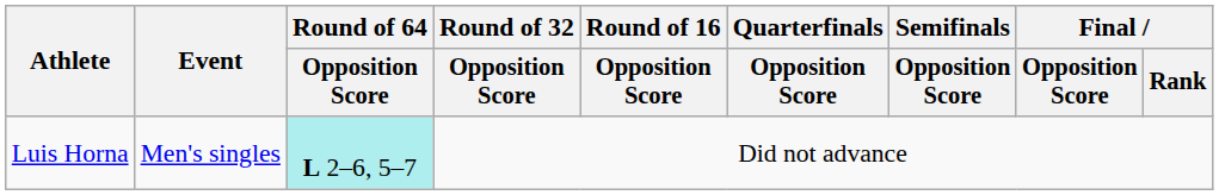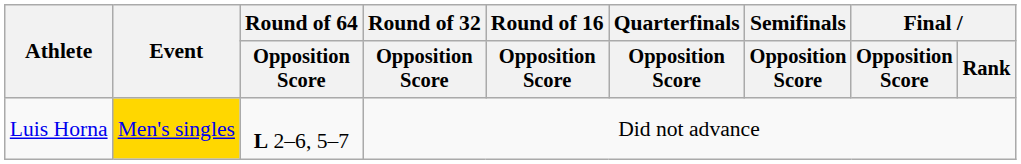 <table class=wikitable style="font-size:90%">
 <tr>
 <th rowspan="2">Athlete</th>
 <th rowspan="2">Event</th>
 <th>Round of 64</th>
 <th>Round of 32</th>
 <th>Round of 16</th>
 <th>Quarterfinals</th>
 <th>Semifinals</th>
 <th colspan=2>Final / </th>
 </tr>
 <tr style="font-size:95%">
 <th>Opposition<br>Score</th>
 <th>Opposition<br>Score</th>
 <th>Opposition<br>Score</th>
 <th>Opposition<br>Score</th>
 <th>Opposition<br>Score</th>
 <th>Opposition<br>Score</th>
 <th>Rank</th>
 </tr>
 <tr align=center>
 <td align=left><a href='#'>Luis Horna</a></td>
-<td align=left><a href='#'>Men's singles</a></td>
-<td style="background: paleturquoise;"><br><strong>L</strong> 2–6, 5–7</td>
+<td align=left style="background: gold;"><a href='#'>Men's singles</a></td>
+<td><br><strong>L</strong> 2–6, 5–7</td>
 <td colspan=6>Did not advance</td>
 </tr>
 </table>
